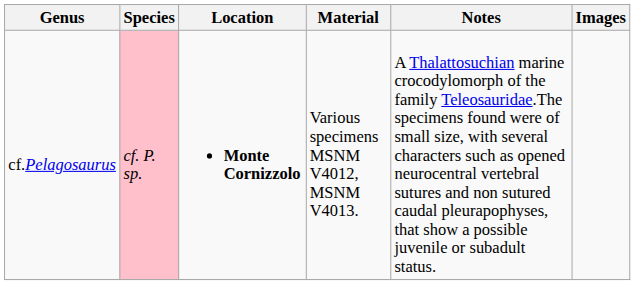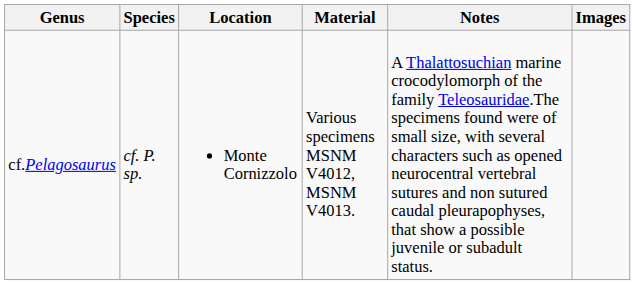 <table class = "wikitable">
 <tr>
 <th>Genus</th>
 <th>Species</th>
 <th>Location</th>
 <th>Material</th>
 <th>Notes</th>
 <th>Images</th>
 </tr>
 <tr>
 <td><br>cf.<em><a href='#'>Pelagosaurus</a></em></td>
-<td style="background: pink;"><br><em>cf. P. sp.</em></td>
-<td><strong><br><ul><li>Monte Cornizzolo</li></ul></strong></td>
+<td><br><em>cf. P. sp.</em></td>
+<td><br><ul><li>Monte Cornizzolo</li></ul></td>
 <td><br>Various specimens MSNM V4012, MSNM V4013.</td>
 <td><br>A <a href='#'>Thalattosuchian</a> marine crocodylomorph of the family <a href='#'>Teleosauridae</a>.The specimens found were of small size, with several characters such as opened  neurocentral vertebral sutures and non sutured caudal pleurapophyses, that show a possible juvenile or subadult status.</td>
 <td><br></td>
 </tr>
 <tr>
 </tr>
 </table>
